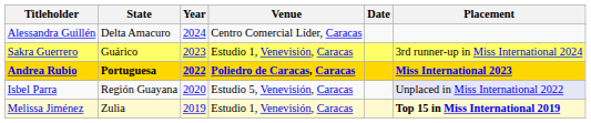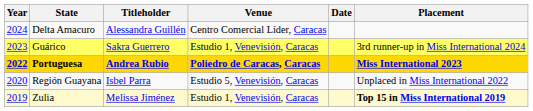 <table class="wikitable" style="font-size: 95%;">
 <tr>
+<th>Year</th>
+<th>State</th>
 <th>Titleholder</th>
-<th>State</th>
-<th>Year</th>
 <th>Venue</th>
 <th>Date</th>
 <th>Placement</th>
 </tr>
 <tr>
+<td><a href='#'>2024</a></td>
+<td>Delta Amacuro</td>
 <td><a href='#'>Alessandra Guillén</a></td>
-<td>Delta Amacuro</td>
-<td><a href='#'>2024</a></td>
 <td>Centro Comercial Líder, <a href='#'>Caracas</a></td>
 <td></td>
 <td></td>
 </tr>
 <tr style="background-color:#FFFF66;">
+<td><a href='#'>2023</a></td>
+<td>Guárico</td>
 <td><a href='#'>Sakra Guerrero</a></td>
-<td>Guárico</td>
-<td><a href='#'>2023</a></td>
 <td>Estudio 1, <a href='#'>Venevisión</a>, <a href='#'>Caracas</a></td>
 <td></td>
 <td>3rd runner-up in <a href='#'>Miss International 2024</a></td>
 </tr>
 <tr style="background-color:gold; font-weight: bold">
+<td><a href='#'>2022</a></td>
+<td>Portuguesa</td>
 <td><a href='#'>Andrea Rubio</a></td>
-<td>Portuguesa</td>
-<td><a href='#'>2022</a></td>
 <td><a href='#'>Poliedro de Caracas</a>, <a href='#'>Caracas</a></td>
 <td></td>
 <td><a href='#'>Miss International 2023</a></td>
 </tr>
 <tr>
+<td><a href='#'>2020</a></td>
+<td>Región Guayana</td>
 <td><a href='#'>Isbel Parra</a></td>
-<td>Región Guayana</td>
-<td><a href='#'>2020</a></td>
 <td>Estudio 5, <a href='#'>Venevisión</a>, <a href='#'>Caracas</a></td>
 <td></td>
-<td style="background: lavender;">Unplaced in <a href='#'>Miss International 2022</a></td>
+<td>Unplaced in <a href='#'>Miss International 2022</a></td>
 </tr>
 <tr style="background-color:#FFFACD;">
+<td><a href='#'>2019</a></td>
+<td>Zulia</td>
 <td><a href='#'>Melissa Jiménez</a></td>
-<td>Zulia</td>
-<td><a href='#'>2019</a></td>
 <td>Estudio 1, <a href='#'>Venevisión</a>, <a href='#'>Caracas</a></td>
 <td></td>
 <td><strong>Top 15 in <a href='#'>Miss International 2019</a></strong></td>
 </tr>
 </table>
